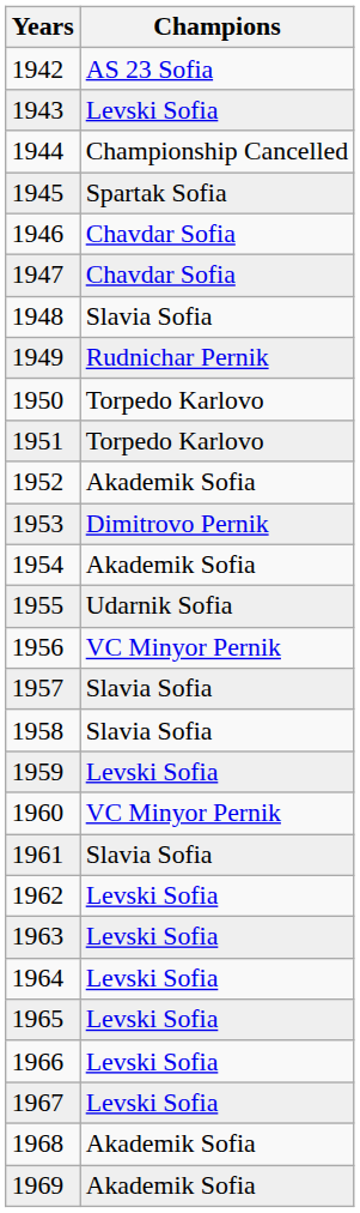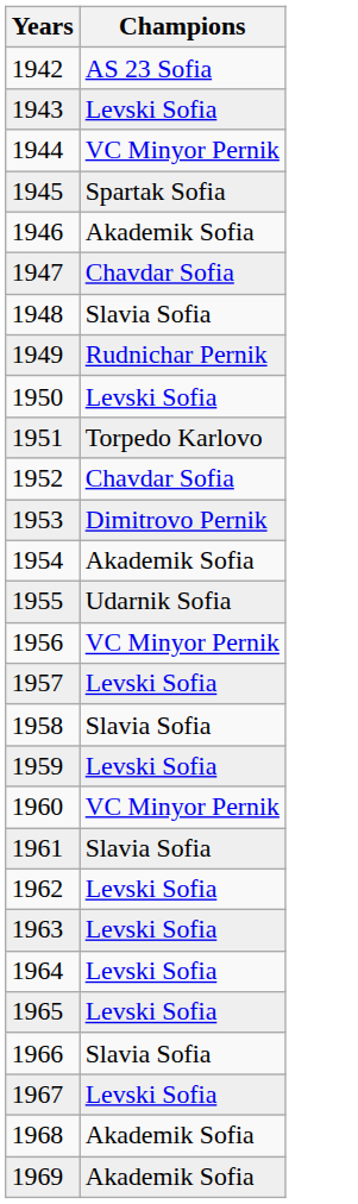 <table class="wikitable" style="display:inline-table;">
 <tr>
 <th>Years</th>
 <th>Champions</th>
 </tr>
 <tr>
 <td>1942</td>
 <td><a href='#'>AS 23 Sofia</a></td>
 </tr>
 <tr style="background:#EFEFEF">
 <td>1943</td>
 <td><a href='#'>Levski Sofia</a></td>
 </tr>
 <tr>
 <td>1944</td>
-<td colspan="1" style="text-align:center;">Championship Cancelled</td>
+<td><a href='#'>VC Minyor Pernik</a></td>
 </tr>
 <tr style="background:#EFEFEF">
 <td>1945</td>
 <td>Spartak Sofia</td>
 </tr>
 <tr>
 <td>1946</td>
-<td><a href='#'>Chavdar Sofia</a></td>
+<td>Akademik Sofia</td>
 </tr>
 <tr style="background:#EFEFEF">
 <td>1947</td>
 <td><a href='#'>Chavdar Sofia</a></td>
 </tr>
 <tr>
 <td>1948</td>
 <td>Slavia Sofia</td>
 </tr>
 <tr style="background:#EFEFEF">
 <td>1949</td>
 <td><a href='#'>Rudnichar Pernik</a></td>
 </tr>
 <tr>
 <td>1950</td>
-<td>Torpedo Karlovo</td>
+<td><a href='#'>Levski Sofia</a></td>
 </tr>
 <tr style="background:#EFEFEF">
 <td>1951</td>
 <td>Torpedo Karlovo</td>
 </tr>
 <tr>
 <td>1952</td>
-<td>Akademik Sofia</td>
+<td><a href='#'>Chavdar Sofia</a></td>
 </tr>
 <tr style="background:#EFEFEF">
 <td>1953</td>
 <td><a href='#'>Dimitrovo Pernik</a></td>
 </tr>
 <tr>
 <td>1954</td>
 <td>Akademik Sofia</td>
 </tr>
 <tr style="background:#EFEFEF">
 <td>1955</td>
 <td>Udarnik Sofia</td>
 </tr>
 <tr>
 <td>1956</td>
 <td><a href='#'>VC Minyor Pernik</a></td>
 </tr>
 <tr style="background:#EFEFEF">
 <td>1957</td>
-<td>Slavia Sofia</td>
+<td><a href='#'>Levski Sofia</a></td>
 </tr>
 <tr>
 <td>1958</td>
 <td>Slavia Sofia</td>
 </tr>
 <tr style="background:#EFEFEF">
 <td>1959</td>
 <td><a href='#'>Levski Sofia</a></td>
 </tr>
 <tr>
 <td>1960</td>
 <td><a href='#'>VC Minyor Pernik</a></td>
 </tr>
 <tr style="background:#EFEFEF">
 <td>1961</td>
 <td>Slavia Sofia</td>
 </tr>
 <tr>
 <td>1962</td>
 <td><a href='#'>Levski Sofia</a></td>
 </tr>
 <tr style="background:#EFEFEF">
 <td>1963</td>
 <td><a href='#'>Levski Sofia</a></td>
 </tr>
 <tr>
 <td>1964</td>
 <td><a href='#'>Levski Sofia</a></td>
 </tr>
 <tr style="background:#EFEFEF">
 <td>1965</td>
 <td><a href='#'>Levski Sofia</a></td>
 </tr>
 <tr>
 <td>1966</td>
-<td><a href='#'>Levski Sofia</a></td>
+<td>Slavia Sofia</td>
 </tr>
 <tr style="background:#EFEFEF">
 <td>1967</td>
 <td><a href='#'>Levski Sofia</a></td>
 </tr>
 <tr>
 <td>1968</td>
 <td>Akademik Sofia</td>
 </tr>
 <tr style="background:#EFEFEF">
 <td>1969</td>
 <td>Akademik Sofia</td>
 </tr>
 </table>
